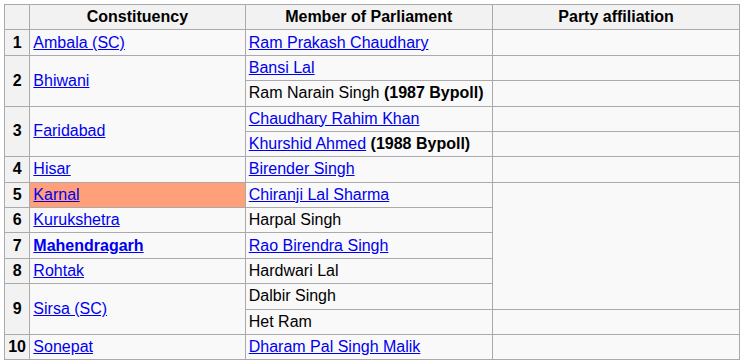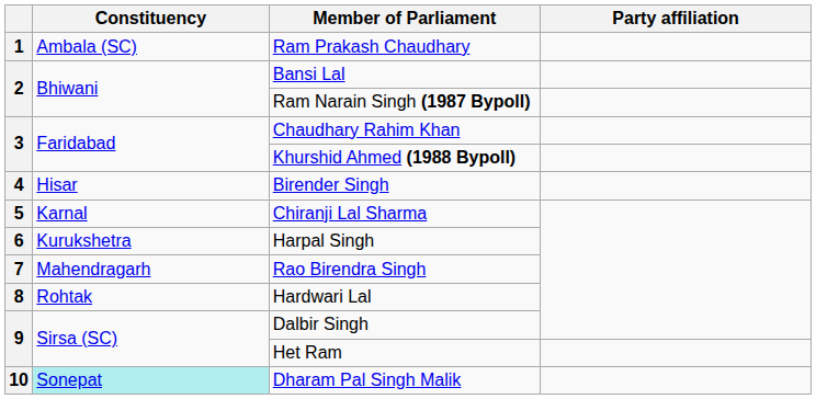 <table class="wikitable sortable">
 <tr style="text-align:center;">
 <th></th>
 <th style="width:13em">Constituency</th>
 <th style="width:15em">Member of Parliament</th>
 <th colspan="2" style="width:15em">Party affiliation</th>
 </tr>
 <tr>
 <th>1</th>
 <td><a href='#'>Ambala (SC)</a></td>
 <td><a href='#'>Ram Prakash Chaudhary</a></td>
 <td></td>
 </tr>
 <tr>
 <th rowspan=2>2</th>
 <td rowspan=2><a href='#'>Bhiwani</a></td>
 <td><a href='#'>Bansi Lal</a></td>
 </tr>
 <tr>
 <td>Ram Narain Singh <strong>(1987 Bypoll)</strong></td>
 <td></td>
 </tr>
 <tr>
 <th rowspan=2>3</th>
 <td rowspan=2><a href='#'>Faridabad</a></td>
 <td><a href='#'>Chaudhary Rahim Khan</a></td>
 <td></td>
 </tr>
 <tr>
 <td><a href='#'>Khurshid Ahmed</a> <strong>(1988 Bypoll)</strong></td>
 <td></td>
 </tr>
 <tr>
 <th>4</th>
 <td><a href='#'>Hisar</a></td>
 <td><a href='#'>Birender Singh</a></td>
 <td></td>
 </tr>
 <tr>
 <th>5</th>
-<td style="background: lightsalmon;"><a href='#'>Karnal</a></td>
+<td><a href='#'>Karnal</a></td>
 <td><a href='#'>Chiranji Lal Sharma</a></td>
 </tr>
 <tr>
 <th>6</th>
 <td><a href='#'>Kurukshetra</a></td>
 <td>Harpal Singh</td>
 </tr>
 <tr>
 <th>7</th>
-<td><strong><a href='#'>Mahendragarh</a></strong></td>
+<td><a href='#'>Mahendragarh</a></td>
 <td><a href='#'>Rao Birendra Singh</a></td>
 </tr>
 <tr>
 <th>8</th>
 <td><a href='#'>Rohtak</a></td>
 <td>Hardwari Lal</td>
 </tr>
 <tr>
 <th rowspan=2>9</th>
 <td rowspan=2><a href='#'>Sirsa (SC)</a></td>
 <td>Dalbir Singh</td>
 </tr>
 <tr>
 <td>Het Ram</td>
 <td></td>
 </tr>
 <tr>
 <th>10</th>
-<td><a href='#'>Sonepat</a></td>
+<td style="background: paleturquoise;"><a href='#'>Sonepat</a></td>
 <td><a href='#'>Dharam Pal Singh Malik</a></td>
 <td></td>
 </tr>
 <tr>
 </tr>
 </table>
